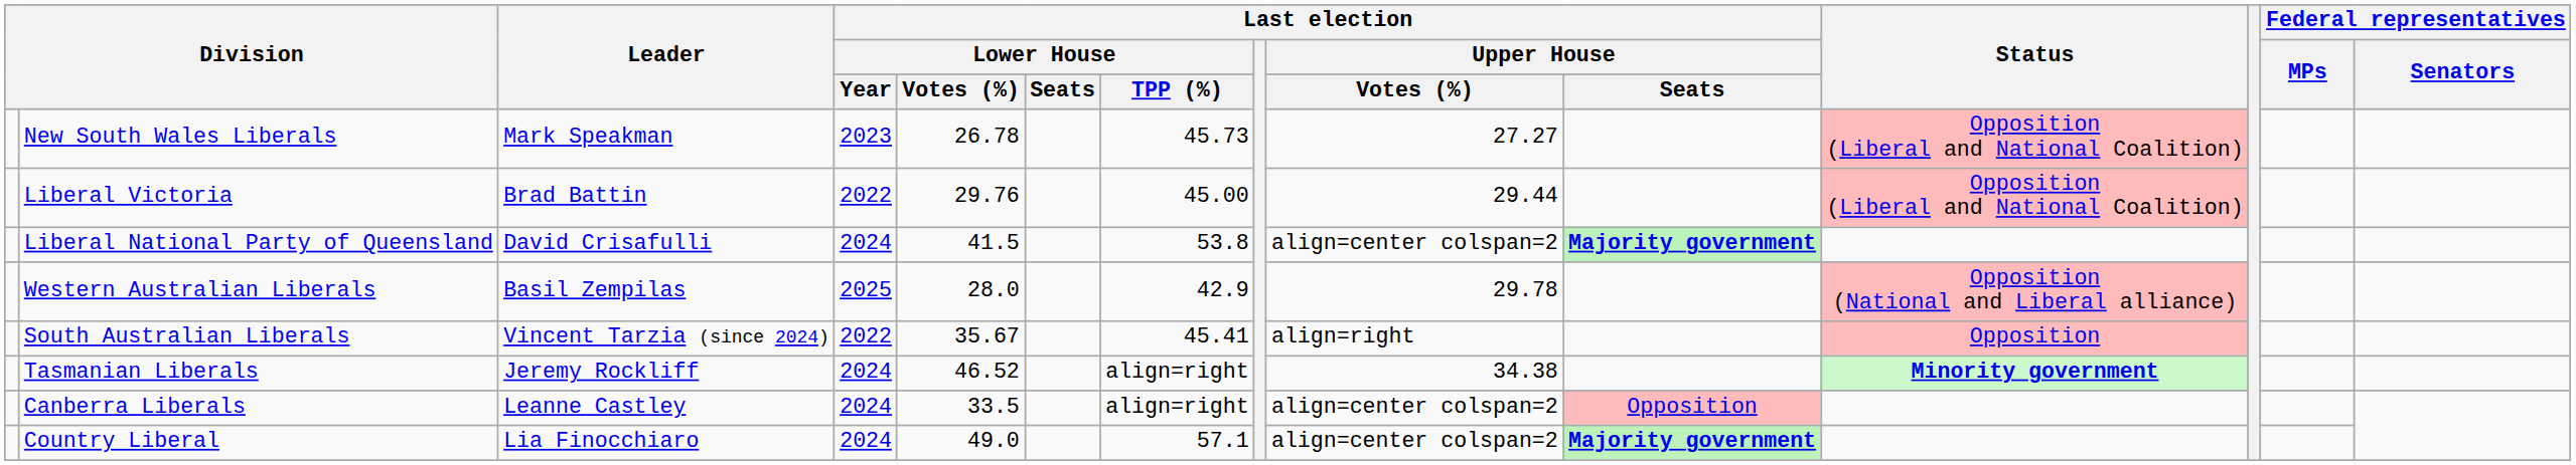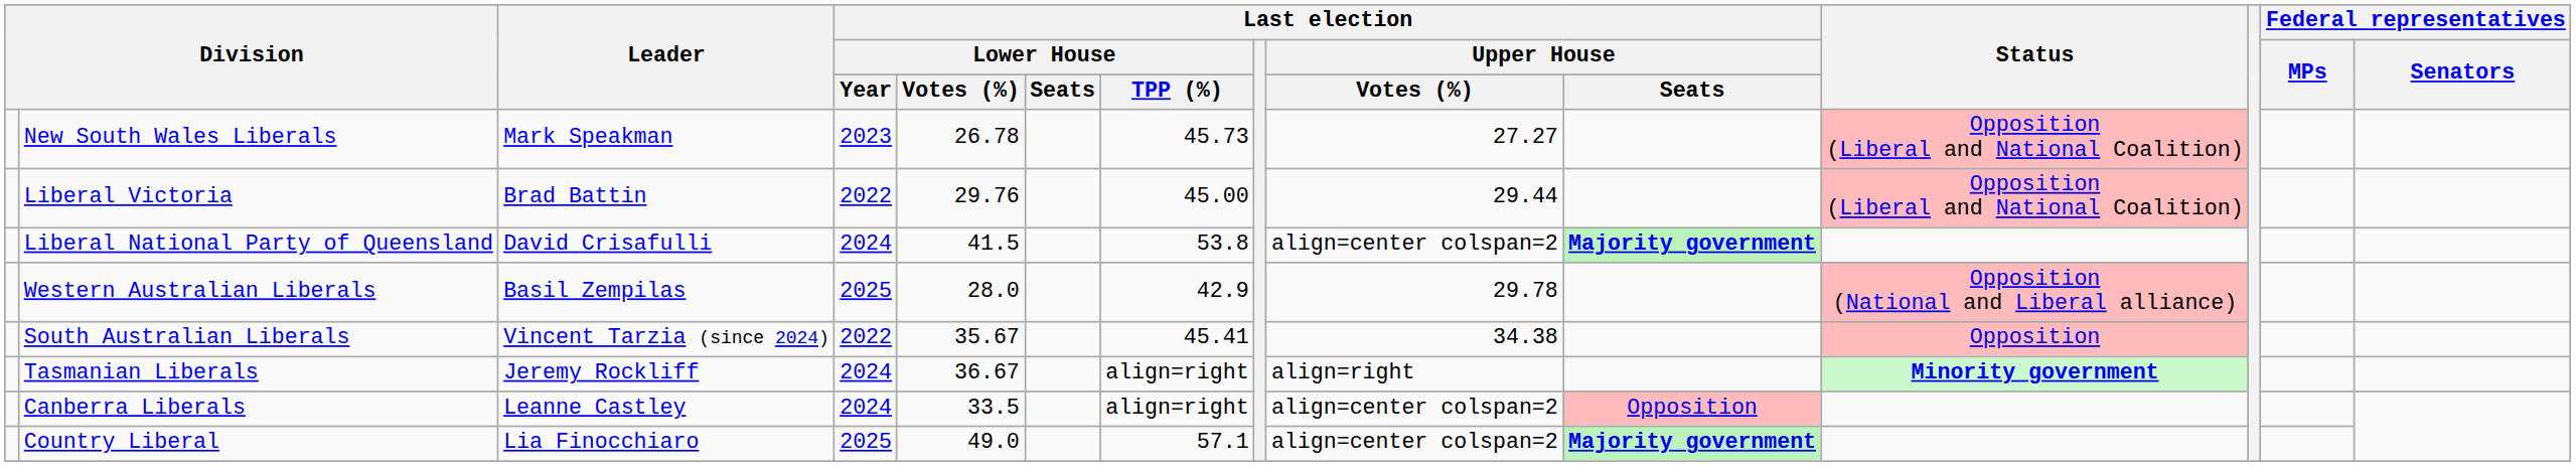 <table class="wikitable" style="font-size:96%;">
 <tr>
 <th colspan=2 rowspan=3>Division</th>
 <th rowspan=3>Leader</th>
 <th colspan=7>Last election</th>
 <th rowspan=3>Status</th>
 <th rowspan=11 style="width:1px"></th>
 <th colspan="2"><a href='#'>Federal representatives</a></th>
 </tr>
 <tr>
 <th colspan=4>Lower House</th>
 <th rowspan=10 style="width:1px"></th>
 <th colspan=2>Upper House</th>
 <th rowspan="2"><a href='#'>MPs</a></th>
 <th rowspan="2"><a href='#'>Senators</a></th>
 </tr>
 <tr>
 <th>Year</th>
 <th>Votes (%)</th>
 <th>Seats</th>
 <th><a href='#'>TPP</a> (%)</th>
 <th>Votes (%)</th>
 <th>Seats</th>
 </tr>
 <tr>
 <td style="width:2px;background:"></td>
 <td><a href='#'>New South Wales Liberals</a></td>
 <td><a href='#'>Mark Speakman</a> </td>
 <td align=center><a href='#'>2023</a></td>
 <td align=right>26.78</td>
 <td></td>
 <td align=right>45.73</td>
 <td align=right>27.27</td>
 <td></td>
 <td bgcolor=#FFBBBB align=center><a href='#'>Opposition</a><br>(<a href='#'>Liberal</a> and <a href='#'>National</a> Coalition)</td>
 <td></td>
 <td></td>
 </tr>
 <tr>
 <td style="width:2px;background:"></td>
 <td><a href='#'>Liberal Victoria</a></td>
 <td><a href='#'>Brad Battin</a> </td>
 <td align=center><a href='#'>2022</a></td>
 <td align=right>29.76</td>
 <td></td>
 <td align=right>45.00</td>
 <td align=right>29.44</td>
 <td></td>
 <td bgcolor=#FFBBBB align=center><a href='#'>Opposition</a><br>(<a href='#'>Liberal</a> and <a href='#'>National</a> Coalition)</td>
 <td></td>
 <td></td>
 </tr>
 <tr>
 <td style="width:2px;background:"></td>
 <td><a href='#'>Liberal National Party of Queensland</a></td>
 <td><a href='#'>David Crisafulli</a> </td>
 <td align=center><a href='#'>2024</a></td>
 <td align=right>41.5</td>
 <td></td>
 <td align=right>53.8</td>
 <td>align=center colspan=2 </td>
 <td bgcolor=#BBF3BB align=center><strong><a href='#'>Majority government</a></strong></td>
 <td></td>
 <td></td>
 </tr>
 <tr>
 <td style="width:2px;background:"></td>
 <td><a href='#'>Western Australian Liberals</a></td>
 <td><a href='#'>Basil Zempilas</a> </td>
 <td align=center><a href='#'>2025</a></td>
 <td align=right>28.0</td>
 <td></td>
 <td align=right>42.9</td>
 <td align=right>29.78</td>
 <td></td>
 <td bgcolor=#FFBBBB align=center><a href='#'>Opposition</a><br>(<a href='#'>National</a> and <a href='#'>Liberal</a> alliance)</td>
 <td></td>
 <td></td>
 </tr>
 <tr>
 <td style="width:2px;background:"></td>
 <td><a href='#'>South Australian Liberals</a></td>
 <td><a href='#'>Vincent Tarzia</a> <small>(since <a href='#'>2024</a>)</small></td>
 <td align=center><a href='#'>2022</a></td>
 <td align=right>35.67</td>
 <td></td>
 <td align=right>45.41</td>
-<td>align=right </td>
+<td align=right>34.38</td>
 <td></td>
 <td bgcolor=#FFBBBB align=center><a href='#'>Opposition</a></td>
 <td></td>
 <td></td>
 </tr>
 <tr>
 <td style="width:2px;background:"></td>
 <td><a href='#'>Tasmanian Liberals</a></td>
 <td><a href='#'>Jeremy Rockliff</a> </td>
 <td align=center><a href='#'>2024</a></td>
-<td align=right>46.52</td>
+<td align=right>36.67</td>
 <td></td>
 <td>align=right </td>
-<td align=right>34.38</td>
+<td>align=right </td>
 <td></td>
 <td bgcolor=#CCF9CC align=center><strong><a href='#'>Minority government</a></strong></td>
 <td></td>
 <td></td>
 </tr>
 <tr>
 <td style="width:2px;background:"></td>
 <td><a href='#'>Canberra Liberals</a></td>
 <td><a href='#'>Leanne Castley</a> </td>
 <td align=center><a href='#'>2024</a></td>
 <td align=right>33.5</td>
 <td></td>
 <td>align=right </td>
 <td>align=center colspan=2 </td>
 <td bgcolor=#FFBBBB align=center><a href='#'>Opposition</a></td>
 <td></td>
 <td></td>
 </tr>
 <tr>
 <td style="width:2px;background:"></td>
 <td><a href='#'>Country Liberal</a></td>
 <td><a href='#'>Lia Finocchiaro</a></td>
-<td align=center><a href='#'>2024</a></td>
+<td align=center><a href='#'>2025</a></td>
 <td align=right>49.0</td>
 <td></td>
 <td align=right>57.1</td>
 <td>align=center colspan=2 </td>
 <td bgcolor=#BBF3BB align=center><strong><a href='#'>Majority government</a></strong></td>
 <td></td>
 <td></td>
 </tr>
 </table>
